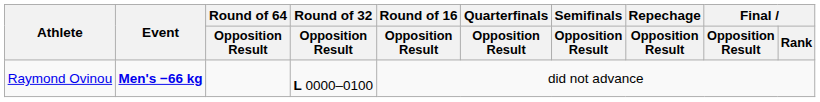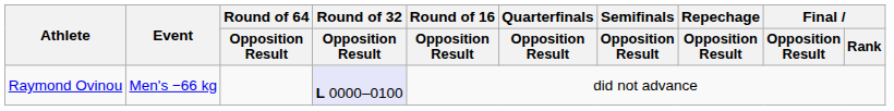 <table class="wikitable" style="font-size:90%">
 <tr>
 <th rowspan=2>Athlete</th>
 <th rowspan=2>Event</th>
 <th>Round of 64</th>
 <th>Round of 32</th>
 <th>Round of 16</th>
 <th>Quarterfinals</th>
 <th>Semifinals</th>
 <th>Repechage</th>
 <th colspan=2>Final / </th>
 </tr>
 <tr style="font-size:95%">
 <th>Opposition<br>Result</th>
 <th>Opposition<br>Result</th>
 <th>Opposition<br>Result</th>
 <th>Opposition<br>Result</th>
 <th>Opposition<br>Result</th>
 <th>Opposition<br>Result</th>
 <th>Opposition<br>Result</th>
 <th>Rank</th>
 </tr>
 <tr align=center>
 <td align=left><a href='#'>Raymond Ovinou</a></td>
-<td align=left><strong><a href='#'>Men's −66 kg</a></strong></td>
+<td align=left><a href='#'>Men's −66 kg</a></td>
 <td></td>
-<td><br><strong>L</strong> 0000–0100</td>
+<td style="background: lavender;"><br><strong>L</strong> 0000–0100</td>
 <td colspan=6>did not advance</td>
 </tr>
 </table>
